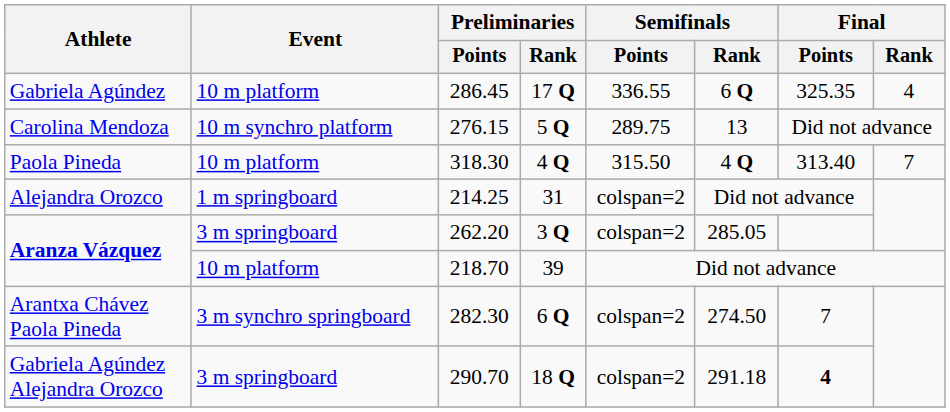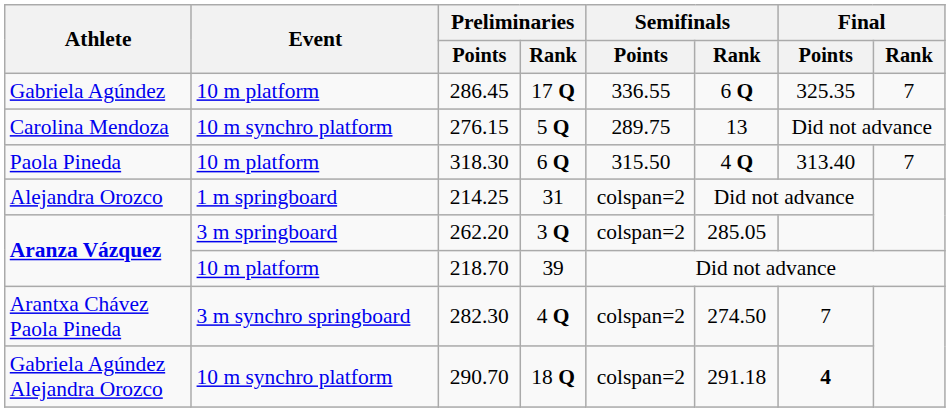 <table class="wikitable" style="text-align:center; font-size:90%; width:50%;">
 <tr>
 <th rowspan=2>Athlete</th>
 <th rowspan=2>Event</th>
 <th colspan=2>Preliminaries</th>
 <th colspan=2>Semifinals</th>
 <th colspan=2>Final</th>
 </tr>
 <tr style="font-size:95%">
 <th>Points</th>
 <th>Rank</th>
 <th>Points</th>
 <th>Rank</th>
 <th>Points</th>
 <th>Rank</th>
 </tr>
 <tr>
 <td align=left><a href='#'>Gabriela Agúndez</a></td>
 <td align=left><a href='#'>10 m platform</a></td>
 <td>286.45</td>
 <td>17 <strong>Q</strong></td>
 <td>336.55</td>
 <td>6 <strong>Q</strong></td>
 <td>325.35</td>
-<td>4</td>
+<td>7</td>
 </tr>
 <tr>
 <td align=left><a href='#'>Carolina Mendoza</a></td>
 <td align=left><a href='#'>10 m synchro platform</a></td>
 <td>276.15</td>
 <td>5 <strong>Q</strong></td>
 <td>289.75</td>
 <td>13</td>
 <td colspan=4>Did not advance</td>
 </tr>
 <tr>
 <td align=left><a href='#'>Paola Pineda</a></td>
 <td align=left><a href='#'>10 m platform</a></td>
 <td>318.30</td>
-<td>4 <strong>Q</strong></td>
+<td>6 <strong>Q</strong></td>
 <td>315.50</td>
 <td>4 <strong>Q</strong></td>
 <td>313.40</td>
 <td>7</td>
 </tr>
 <tr>
 <td align=left><a href='#'>Alejandra Orozco</a></td>
 <td align=left><a href='#'>1 m springboard</a></td>
 <td>214.25</td>
 <td>31</td>
 <td>colspan=2 </td>
 <td colspan=2>Did not advance</td>
 </tr>
 <tr>
 <td align=left rowspan=2><strong><a href='#'>Aranza Vázquez</a></strong></td>
 <td align=left><a href='#'>3 m springboard</a></td>
 <td>262.20</td>
 <td>3 <strong>Q</strong></td>
 <td>colspan=2 </td>
 <td>285.05</td>
 <td></td>
 </tr>
 <tr>
 <td align=left><a href='#'>10 m platform</a></td>
 <td>218.70</td>
 <td>39</td>
 <td colspan=4>Did not advance</td>
 </tr>
 <tr>
 <td align=left><a href='#'>Arantxa Chávez</a><br> <a href='#'>Paola Pineda</a></td>
 <td align=left><a href='#'>3 m synchro springboard</a></td>
 <td>282.30</td>
-<td>6 <strong>Q</strong></td>
+<td>4 <strong>Q</strong></td>
 <td>colspan=2 </td>
 <td>274.50</td>
 <td>7</td>
 </tr>
 <tr>
 <td align=left><a href='#'>Gabriela Agúndez</a><br> <a href='#'>Alejandra Orozco</a></td>
-<td align=left><a href='#'>3 m springboard</a></td>
+<td align=left><a href='#'>10 m synchro platform</a></td>
 <td>290.70</td>
 <td>18 <strong>Q</strong></td>
 <td>colspan=2 </td>
 <td>291.18</td>
 <td><strong>4</strong></td>
 </tr>
 </table>
